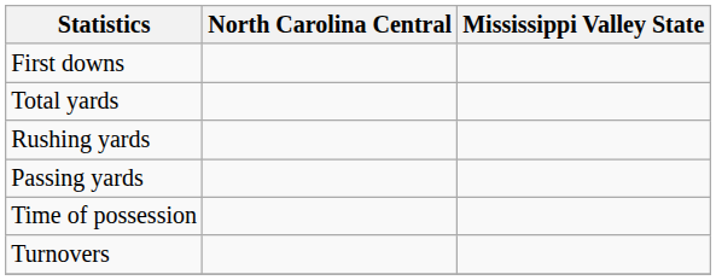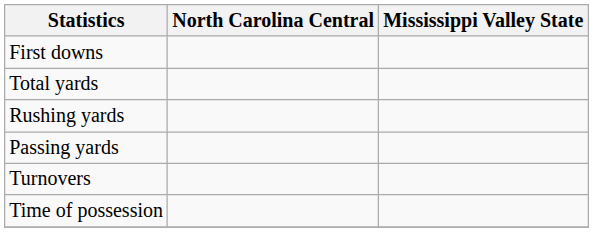 <table class="wikitable">
 <tr>
 <th>Statistics</th>
 <th>North Carolina Central</th>
 <th>Mississippi Valley State</th>
 </tr>
 <tr>
 <td>First downs</td>
 <td> </td>
 <td> </td>
 </tr>
 <tr>
 <td>Total yards</td>
 <td> </td>
 <td> </td>
 </tr>
 <tr>
 <td>Rushing yards</td>
 <td> </td>
 <td> </td>
 </tr>
 <tr>
 <td>Passing yards</td>
 <td> </td>
 <td> </td>
 </tr>
 <tr>
-<td>Time of possession</td>
+<td>Turnovers</td>
 <td> </td>
 <td> </td>
 </tr>
 <tr>
-<td>Turnovers</td>
+<td>Time of possession</td>
 <td> </td>
 <td> </td>
 </tr>
 <tr>
 </tr>
 </table>
